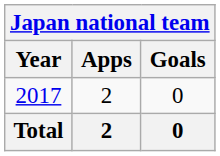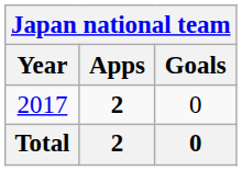 <table class="wikitable" style="text-align:center">
 <tr>
 <th colspan=3><a href='#'>Japan national team</a></th>
 </tr>
 <tr>
 <th>Year</th>
 <th>Apps</th>
 <th>Goals</th>
 </tr>
 <tr>
 <td><a href='#'>2017</a></td>
-<td>2</td>
+<td><strong>2</strong></td>
 <td>0</td>
 </tr>
 <tr>
 <th>Total</th>
 <th>2</th>
 <th>0</th>
 </tr>
 </table>
